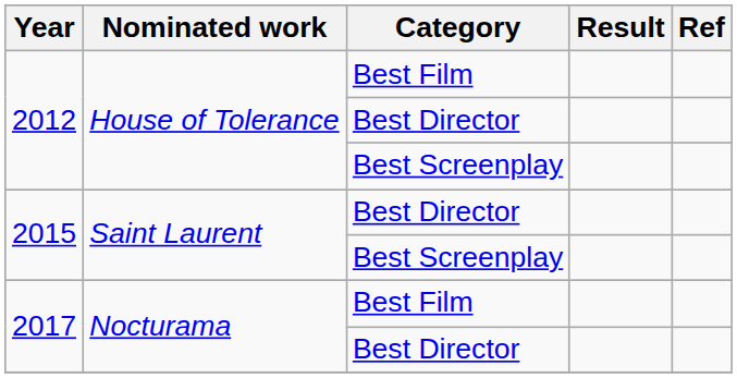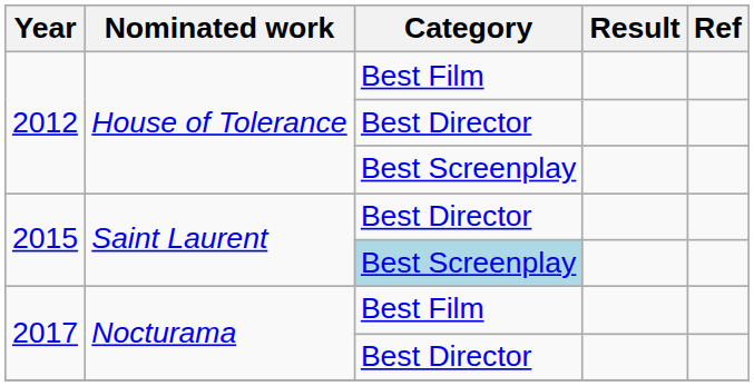 <table class="wikitable sortable">
 <tr>
 <th>Year</th>
 <th>Nominated work</th>
 <th>Category</th>
 <th>Result</th>
 <th>Ref</th>
 </tr>
 <tr>
 <td rowspan=3><a href='#'>2012</a></td>
 <td rowspan=3><em><a href='#'>House of Tolerance</a></em></td>
 <td><a href='#'>Best Film</a></td>
 <td></td>
 <td></td>
 </tr>
 <tr>
 <td><a href='#'>Best Director</a></td>
 <td></td>
 <td></td>
 </tr>
 <tr>
 <td><a href='#'>Best Screenplay</a></td>
 <td></td>
 <td></td>
 </tr>
 <tr>
 <td rowspan=2><a href='#'>2015</a></td>
 <td rowspan=2><em><a href='#'>Saint Laurent</a></em></td>
 <td><a href='#'>Best Director</a></td>
 <td></td>
 <td></td>
 </tr>
 <tr>
-<td><a href='#'>Best Screenplay</a></td>
+<td style="background: lightblue;"><a href='#'>Best Screenplay</a></td>
 <td></td>
 <td></td>
 </tr>
 <tr>
 <td rowspan=2><a href='#'>2017</a></td>
 <td rowspan=2><em><a href='#'>Nocturama</a></em></td>
 <td><a href='#'>Best Film</a></td>
 <td></td>
 <td></td>
 </tr>
 <tr>
 <td><a href='#'>Best Director</a></td>
 <td></td>
 <td></td>
 </tr>
 <tr>
 </tr>
 </table>
